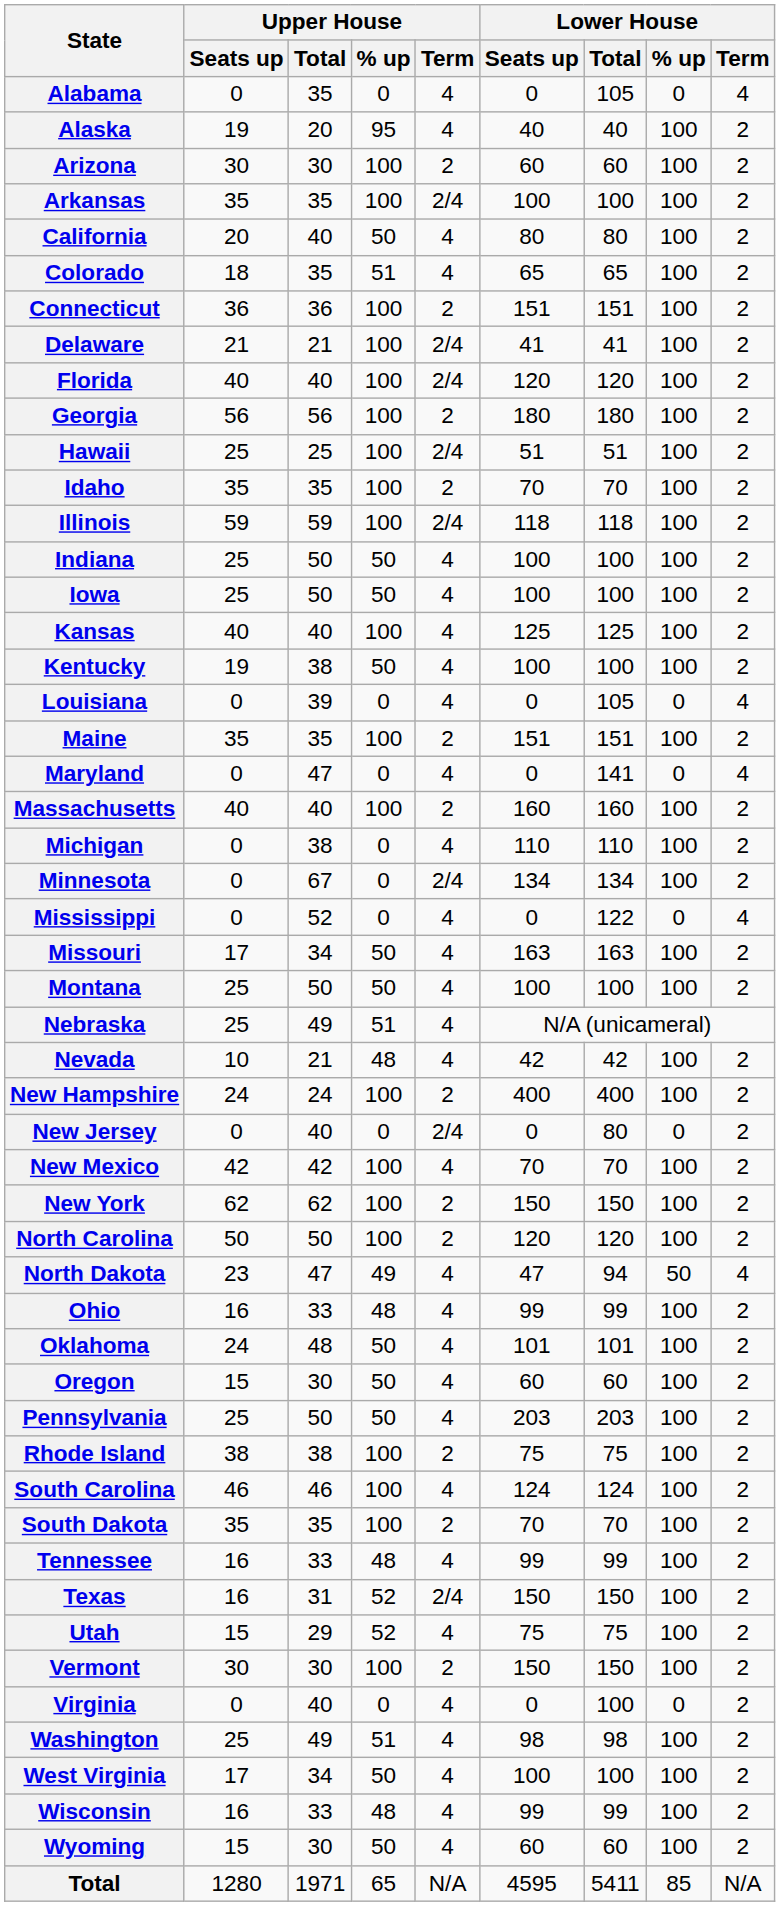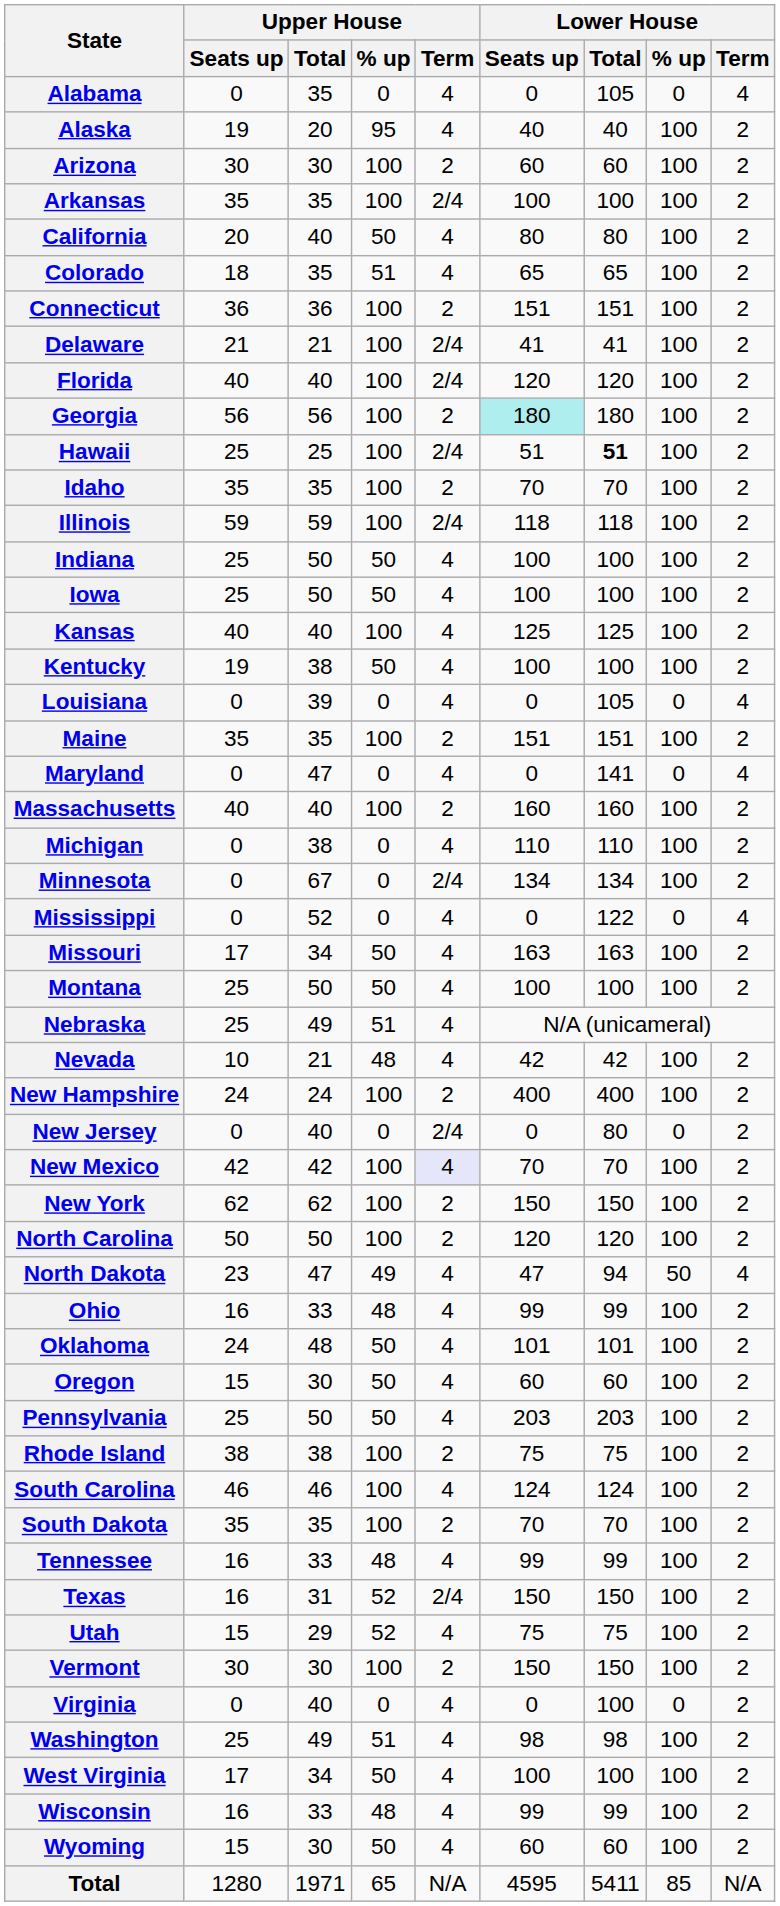 <table class="wikitable sortable plainrowheaders" style="text-align: center;">
 <tr>
 <th rowspan=2>State</th>
 <th colspan=4>Upper House</th>
 <th colspan=4>Lower House</th>
 </tr>
 <tr>
 <th>Seats up</th>
 <th>Total</th>
 <th>% up</th>
 <th>Term</th>
 <th>Seats up</th>
 <th>Total</th>
 <th>% up</th>
 <th>Term</th>
 </tr>
 <tr>
 <th scope="row"><a href='#'>Alabama</a></th>
 <td>0</td>
 <td>35</td>
 <td>0</td>
 <td>4</td>
 <td>0</td>
 <td>105</td>
 <td>0</td>
 <td>4</td>
 </tr>
 <tr>
 <th scope="row"><a href='#'>Alaska</a></th>
 <td>19</td>
 <td>20</td>
 <td>95</td>
 <td>4</td>
 <td>40</td>
 <td>40</td>
 <td>100</td>
 <td>2</td>
 </tr>
 <tr>
 <th scope="row"><a href='#'>Arizona</a></th>
 <td>30</td>
 <td>30</td>
 <td>100</td>
 <td>2</td>
 <td>60</td>
 <td>60</td>
 <td>100</td>
 <td>2</td>
 </tr>
 <tr>
 <th scope="row"><a href='#'>Arkansas</a></th>
 <td>35</td>
 <td>35</td>
 <td>100</td>
 <td>2/4</td>
 <td>100</td>
 <td>100</td>
 <td>100</td>
 <td>2</td>
 </tr>
 <tr>
 <th scope="row"><a href='#'>California</a></th>
 <td>20</td>
 <td>40</td>
 <td>50</td>
 <td>4</td>
 <td>80</td>
 <td>80</td>
 <td>100</td>
 <td>2</td>
 </tr>
 <tr>
 <th scope="row"><a href='#'>Colorado</a></th>
 <td>18</td>
 <td>35</td>
 <td>51</td>
 <td>4</td>
 <td>65</td>
 <td>65</td>
 <td>100</td>
 <td>2</td>
 </tr>
 <tr>
 <th scope="row"><a href='#'>Connecticut</a></th>
 <td>36</td>
 <td>36</td>
 <td>100</td>
 <td>2</td>
 <td>151</td>
 <td>151</td>
 <td>100</td>
 <td>2</td>
 </tr>
 <tr>
 <th scope="row"><a href='#'>Delaware</a></th>
 <td>21</td>
 <td>21</td>
 <td>100</td>
 <td>2/4</td>
 <td>41</td>
 <td>41</td>
 <td>100</td>
 <td>2</td>
 </tr>
 <tr>
 <th scope="row"><a href='#'>Florida</a></th>
 <td>40</td>
 <td>40</td>
 <td>100</td>
 <td>2/4</td>
 <td>120</td>
 <td>120</td>
 <td>100</td>
 <td>2</td>
 </tr>
 <tr>
 <th scope="row"><a href='#'>Georgia</a></th>
 <td>56</td>
 <td>56</td>
 <td>100</td>
 <td>2</td>
-<td>180</td>
+<td style="background: paleturquoise;">180</td>
 <td>180</td>
 <td>100</td>
 <td>2</td>
 </tr>
 <tr>
 <th scope="row"><a href='#'>Hawaii</a></th>
 <td>25</td>
 <td>25</td>
 <td>100</td>
 <td>2/4</td>
 <td>51</td>
-<td>51</td>
+<td><strong>51</strong></td>
 <td>100</td>
 <td>2</td>
 </tr>
 <tr>
 <th scope="row"><a href='#'>Idaho</a></th>
 <td>35</td>
 <td>35</td>
 <td>100</td>
 <td>2</td>
 <td>70</td>
 <td>70</td>
 <td>100</td>
 <td>2</td>
 </tr>
 <tr>
 <th scope="row"><a href='#'>Illinois</a></th>
 <td>59</td>
 <td>59</td>
 <td>100</td>
 <td>2/4</td>
 <td>118</td>
 <td>118</td>
 <td>100</td>
 <td>2</td>
 </tr>
 <tr>
 <th scope="row"><a href='#'>Indiana</a></th>
 <td>25</td>
 <td>50</td>
 <td>50</td>
 <td>4</td>
 <td>100</td>
 <td>100</td>
 <td>100</td>
 <td>2</td>
 </tr>
 <tr>
 <th scope="row"><a href='#'>Iowa</a></th>
 <td>25</td>
 <td>50</td>
 <td>50</td>
 <td>4</td>
 <td>100</td>
 <td>100</td>
 <td>100</td>
 <td>2</td>
 </tr>
 <tr>
 <th scope="row"><a href='#'>Kansas</a></th>
 <td>40</td>
 <td>40</td>
 <td>100</td>
 <td>4</td>
 <td>125</td>
 <td>125</td>
 <td>100</td>
 <td>2</td>
 </tr>
 <tr>
 <th scope="row"><a href='#'>Kentucky</a></th>
 <td>19</td>
 <td>38</td>
 <td>50</td>
 <td>4</td>
 <td>100</td>
 <td>100</td>
 <td>100</td>
 <td>2</td>
 </tr>
 <tr>
 <th scope="row"><a href='#'>Louisiana</a></th>
 <td>0</td>
 <td>39</td>
 <td>0</td>
 <td>4</td>
 <td>0</td>
 <td>105</td>
 <td>0</td>
 <td>4</td>
 </tr>
 <tr>
 <th scope="row"><a href='#'>Maine</a></th>
 <td>35</td>
 <td>35</td>
 <td>100</td>
 <td>2</td>
 <td>151</td>
 <td>151</td>
 <td>100</td>
 <td>2</td>
 </tr>
 <tr>
 <th scope="row"><a href='#'>Maryland</a></th>
 <td>0</td>
 <td>47</td>
 <td>0</td>
 <td>4</td>
 <td>0</td>
 <td>141</td>
 <td>0</td>
 <td>4</td>
 </tr>
 <tr>
 <th scope="row"><a href='#'>Massachusetts</a></th>
 <td>40</td>
 <td>40</td>
 <td>100</td>
 <td>2</td>
 <td>160</td>
 <td>160</td>
 <td>100</td>
 <td>2</td>
 </tr>
 <tr>
 <th scope="row"><a href='#'>Michigan</a></th>
 <td>0</td>
 <td>38</td>
 <td>0</td>
 <td>4</td>
 <td>110</td>
 <td>110</td>
 <td>100</td>
 <td>2</td>
 </tr>
 <tr>
 <th scope="row"><a href='#'>Minnesota</a></th>
 <td>0</td>
 <td>67</td>
 <td>0</td>
 <td>2/4</td>
 <td>134</td>
 <td>134</td>
 <td>100</td>
 <td>2</td>
 </tr>
 <tr>
 <th scope="row"><a href='#'>Mississippi</a></th>
 <td>0</td>
 <td>52</td>
 <td>0</td>
 <td>4</td>
 <td>0</td>
 <td>122</td>
 <td>0</td>
 <td>4</td>
 </tr>
 <tr>
 <th scope="row"><a href='#'>Missouri</a></th>
 <td>17</td>
 <td>34</td>
 <td>50</td>
 <td>4</td>
 <td>163</td>
 <td>163</td>
 <td>100</td>
 <td>2</td>
 </tr>
 <tr>
 <th scope="row"><a href='#'>Montana</a></th>
 <td>25</td>
 <td>50</td>
 <td>50</td>
 <td>4</td>
 <td>100</td>
 <td>100</td>
 <td>100</td>
 <td>2</td>
 </tr>
 <tr>
 <th scope="row"><a href='#'>Nebraska</a></th>
 <td>25</td>
 <td>49</td>
 <td>51</td>
 <td>4</td>
 <td colspan=4>N/A (unicameral)</td>
 </tr>
 <tr>
 <th scope="row"><a href='#'>Nevada</a></th>
 <td>10</td>
 <td>21</td>
 <td>48</td>
 <td>4</td>
 <td>42</td>
 <td>42</td>
 <td>100</td>
 <td>2</td>
 </tr>
 <tr>
 <th scope="row"><a href='#'>New Hampshire</a></th>
 <td>24</td>
 <td>24</td>
 <td>100</td>
 <td>2</td>
 <td>400</td>
 <td>400</td>
 <td>100</td>
 <td>2</td>
 </tr>
 <tr>
 <th scope="row"><a href='#'>New Jersey</a></th>
 <td>0</td>
 <td>40</td>
 <td>0</td>
 <td>2/4</td>
 <td>0</td>
 <td>80</td>
 <td>0</td>
 <td>2</td>
 </tr>
 <tr>
 <th scope="row"><a href='#'>New Mexico</a></th>
 <td>42</td>
 <td>42</td>
 <td>100</td>
-<td>4</td>
+<td style="background: lavender;">4</td>
 <td>70</td>
 <td>70</td>
 <td>100</td>
 <td>2</td>
 </tr>
 <tr>
 <th scope="row"><a href='#'>New York</a></th>
 <td>62</td>
 <td>62</td>
 <td>100</td>
 <td>2</td>
 <td>150</td>
 <td>150</td>
 <td>100</td>
 <td>2</td>
 </tr>
 <tr>
 <th scope="row"><a href='#'>North Carolina</a></th>
 <td>50</td>
 <td>50</td>
 <td>100</td>
 <td>2</td>
 <td>120</td>
 <td>120</td>
 <td>100</td>
 <td>2</td>
 </tr>
 <tr>
 <th scope="row"><a href='#'>North Dakota</a></th>
 <td>23</td>
 <td>47</td>
 <td>49</td>
 <td>4</td>
 <td>47</td>
 <td>94</td>
 <td>50</td>
 <td>4</td>
 </tr>
 <tr>
 <th scope="row"><a href='#'>Ohio</a></th>
 <td>16</td>
 <td>33</td>
 <td>48</td>
 <td>4</td>
 <td>99</td>
 <td>99</td>
 <td>100</td>
 <td>2</td>
 </tr>
 <tr>
 <th scope="row"><a href='#'>Oklahoma</a></th>
 <td>24</td>
 <td>48</td>
 <td>50</td>
 <td>4</td>
 <td>101</td>
 <td>101</td>
 <td>100</td>
 <td>2</td>
 </tr>
 <tr>
 <th scope="row"><a href='#'>Oregon</a></th>
 <td>15</td>
 <td>30</td>
 <td>50</td>
 <td>4</td>
 <td>60</td>
 <td>60</td>
 <td>100</td>
 <td>2</td>
 </tr>
 <tr>
 <th scope="row"><a href='#'>Pennsylvania</a></th>
 <td>25</td>
 <td>50</td>
 <td>50</td>
 <td>4</td>
 <td>203</td>
 <td>203</td>
 <td>100</td>
 <td>2</td>
 </tr>
 <tr>
 <th scope="row"><a href='#'>Rhode Island</a></th>
 <td>38</td>
 <td>38</td>
 <td>100</td>
 <td>2</td>
 <td>75</td>
 <td>75</td>
 <td>100</td>
 <td>2</td>
 </tr>
 <tr>
 <th scope="row"><a href='#'>South Carolina</a></th>
 <td>46</td>
 <td>46</td>
 <td>100</td>
 <td>4</td>
 <td>124</td>
 <td>124</td>
 <td>100</td>
 <td>2</td>
 </tr>
 <tr>
 <th scope="row"><a href='#'>South Dakota</a></th>
 <td>35</td>
 <td>35</td>
 <td>100</td>
 <td>2</td>
 <td>70</td>
 <td>70</td>
 <td>100</td>
 <td>2</td>
 </tr>
 <tr>
 <th scope="row"><a href='#'>Tennessee</a></th>
 <td>16</td>
 <td>33</td>
 <td>48</td>
 <td>4</td>
 <td>99</td>
 <td>99</td>
 <td>100</td>
 <td>2</td>
 </tr>
 <tr>
 <th scope="row"><a href='#'>Texas</a></th>
 <td>16</td>
 <td>31</td>
 <td>52</td>
 <td>2/4</td>
 <td>150</td>
 <td>150</td>
 <td>100</td>
 <td>2</td>
 </tr>
 <tr>
 <th scope="row"><a href='#'>Utah</a></th>
 <td>15</td>
 <td>29</td>
 <td>52</td>
 <td>4</td>
 <td>75</td>
 <td>75</td>
 <td>100</td>
 <td>2</td>
 </tr>
 <tr>
 <th scope="row"><a href='#'>Vermont</a></th>
 <td>30</td>
 <td>30</td>
 <td>100</td>
 <td>2</td>
 <td>150</td>
 <td>150</td>
 <td>100</td>
 <td>2</td>
 </tr>
 <tr>
 <th scope="row"><a href='#'>Virginia</a></th>
 <td>0</td>
 <td>40</td>
 <td>0</td>
 <td>4</td>
 <td>0</td>
 <td>100</td>
 <td>0</td>
 <td>2</td>
 </tr>
 <tr>
 <th scope="row"><a href='#'>Washington</a></th>
 <td>25</td>
 <td>49</td>
 <td>51</td>
 <td>4</td>
 <td>98</td>
 <td>98</td>
 <td>100</td>
 <td>2</td>
 </tr>
 <tr>
 <th scope="row"><a href='#'>West Virginia</a></th>
 <td>17</td>
 <td>34</td>
 <td>50</td>
 <td>4</td>
 <td>100</td>
 <td>100</td>
 <td>100</td>
 <td>2</td>
 </tr>
 <tr>
 <th scope="row"><a href='#'>Wisconsin</a></th>
 <td>16</td>
 <td>33</td>
 <td>48</td>
 <td>4</td>
 <td>99</td>
 <td>99</td>
 <td>100</td>
 <td>2</td>
 </tr>
 <tr>
 <th scope="row"><a href='#'>Wyoming</a></th>
 <td>15</td>
 <td>30</td>
 <td>50</td>
 <td>4</td>
 <td>60</td>
 <td>60</td>
 <td>100</td>
 <td>2</td>
 </tr>
 <tr class="sortbottom" |>
 <th scope="row">Total</th>
 <td>1280</td>
 <td>1971</td>
 <td>65</td>
 <td>N/A</td>
 <td>4595</td>
 <td>5411</td>
 <td>85</td>
 <td>N/A</td>
 </tr>
 </table>
